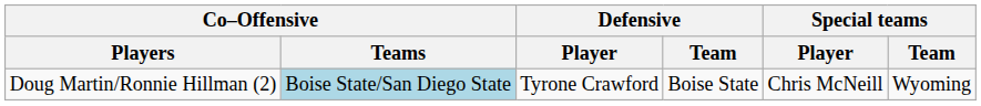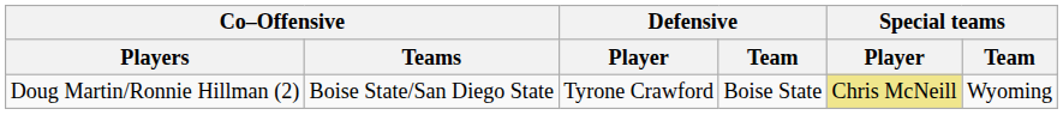 <table class="wikitable">
 <tr>
 <th colspan="2">Co–Offensive</th>
 <th colspan="2">Defensive</th>
 <th colspan="2">Special teams</th>
 </tr>
 <tr>
 <th>Players</th>
 <th>Teams</th>
 <th>Player</th>
 <th>Team</th>
 <th>Player</th>
 <th>Team</th>
 </tr>
 <tr>
 <td>Doug Martin/Ronnie Hillman (2)</td>
-<td style="background: lightblue;">Boise State/San Diego State</td>
+<td>Boise State/San Diego State</td>
 <td>Tyrone Crawford</td>
 <td>Boise State</td>
-<td>Chris McNeill</td>
+<td style="background: khaki;">Chris McNeill</td>
 <td>Wyoming</td>
 </tr>
 </table>
